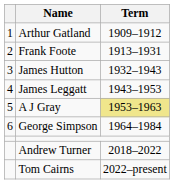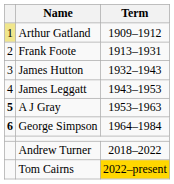 <table class="wikitable">
 <tr>
 <th></th>
 <th>Name</th>
 <th>Term</th>
 </tr>
 <tr>
-<td>1</td>
+<td style="background: khaki;">1</td>
 <td>Arthur Gatland</td>
 <td align=center>1909–1912</td>
 </tr>
 <tr>
 <td>2</td>
 <td>Frank Foote</td>
 <td align=center>1913–1931</td>
 </tr>
 <tr>
 <td>3</td>
 <td>James Hutton</td>
 <td align=center>1932–1943</td>
 </tr>
 <tr>
 <td>4</td>
 <td>James Leggatt</td>
 <td align=center>1943–1953</td>
 </tr>
 <tr>
-<td>5</td>
+<td><strong>5</strong></td>
 <td>A J Gray</td>
-<td align=center style="background: khaki;">1953–1963</td>
+<td align=center>1953–1963</td>
 </tr>
 <tr>
-<td>6</td>
+<td><strong>6</strong></td>
 <td>George Simpson</td>
 <td align=center>1964–1984</td>
 </tr>
 <tr>
 <td></td>
 </tr>
 <tr>
 <td></td>
 <td>Andrew Turner</td>
 <td align=center>2018–2022</td>
 </tr>
 <tr>
 <td></td>
 <td>Tom Cairns</td>
-<td align=center>2022–present</td>
+<td align=center style="background: gold;">2022–present</td>
 </tr>
 </table>
